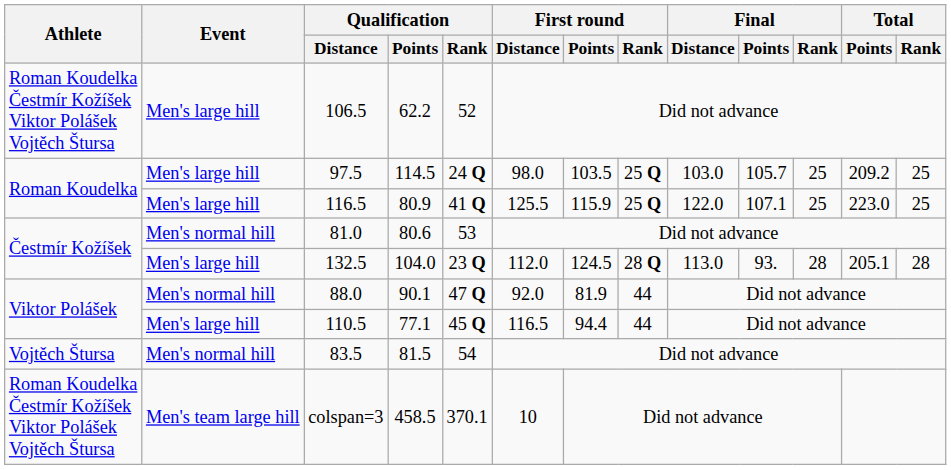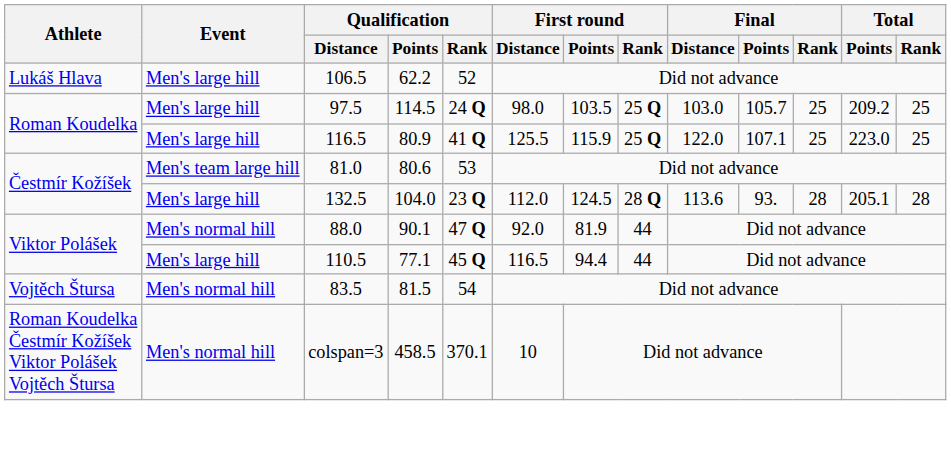 <table class="wikitable" style="font-size:90%">
 <tr>
 <th rowspan=2>Athlete</th>
 <th rowspan=2>Event</th>
 <th colspan=3>Qualification</th>
 <th colspan=3>First round</th>
 <th colspan=3>Final</th>
 <th colspan=2>Total</th>
 </tr>
 <tr style="font-size:95%">
 <th>Distance</th>
 <th>Points</th>
 <th>Rank</th>
 <th>Distance</th>
 <th>Points</th>
 <th>Rank</th>
 <th>Distance</th>
 <th>Points</th>
 <th>Rank</th>
 <th>Points</th>
 <th>Rank</th>
 </tr>
 <tr align=center>
-<td align=left><a href='#'>Roman Koudelka</a><br><a href='#'>Čestmír Kožíšek</a><br><a href='#'>Viktor Polášek</a><br><a href='#'>Vojtěch Štursa</a></td>
+<td align=left><a href='#'>Lukáš Hlava</a></td>
 <td align=left><a href='#'>Men's large hill</a></td>
 <td>106.5</td>
 <td>62.2</td>
 <td>52</td>
 <td colspan=8>Did not advance</td>
 </tr>
 <tr align=center>
 <td align=left rowspan=2><a href='#'>Roman Koudelka</a></td>
 <td align=left><a href='#'>Men's large hill</a></td>
 <td>97.5</td>
 <td>114.5</td>
 <td>24 <strong>Q</strong></td>
 <td>98.0</td>
 <td>103.5</td>
 <td>25 <strong>Q</strong></td>
 <td>103.0</td>
 <td>105.7</td>
 <td>25</td>
 <td>209.2</td>
 <td>25</td>
 </tr>
 <tr align=center>
 <td align=left><a href='#'>Men's large hill</a></td>
 <td>116.5</td>
 <td>80.9</td>
 <td>41 <strong>Q</strong></td>
 <td>125.5</td>
 <td>115.9</td>
 <td>25 <strong>Q</strong></td>
 <td>122.0</td>
 <td>107.1</td>
 <td>25</td>
 <td>223.0</td>
 <td>25</td>
 </tr>
 <tr align=center>
 <td align=left rowspan=2><a href='#'>Čestmír Kožíšek</a></td>
-<td align=left><a href='#'>Men's normal hill</a></td>
+<td align=left><a href='#'>Men's team large hill</a></td>
 <td>81.0</td>
 <td>80.6</td>
 <td>53</td>
 <td colspan=8>Did not advance</td>
 </tr>
 <tr align=center>
 <td align=left><a href='#'>Men's large hill</a></td>
 <td>132.5</td>
 <td>104.0</td>
 <td>23 <strong>Q</strong></td>
 <td>112.0</td>
 <td>124.5</td>
 <td>28 <strong>Q</strong></td>
-<td>113.0</td>
+<td>113.6</td>
 <td>93.</td>
 <td>28</td>
 <td>205.1</td>
 <td>28</td>
 </tr>
 <tr align=center>
 <td align=left rowspan=2><a href='#'>Viktor Polášek</a></td>
 <td align=left><a href='#'>Men's normal hill</a></td>
 <td>88.0</td>
 <td>90.1</td>
 <td>47 <strong>Q</strong></td>
 <td>92.0</td>
 <td>81.9</td>
 <td>44</td>
 <td colspan=5>Did not advance</td>
 </tr>
 <tr align=center>
 <td align=left><a href='#'>Men's large hill</a></td>
 <td>110.5</td>
 <td>77.1</td>
 <td>45 <strong>Q</strong></td>
 <td>116.5</td>
 <td>94.4</td>
 <td>44</td>
 <td colspan=5>Did not advance</td>
 </tr>
 <tr align=center>
 <td align=left><a href='#'>Vojtěch Štursa</a></td>
 <td align=left><a href='#'>Men's normal hill</a></td>
 <td>83.5</td>
 <td>81.5</td>
 <td>54</td>
 <td colspan=8>Did not advance</td>
 </tr>
 <tr align=center>
 <td align=left><a href='#'>Roman Koudelka</a><br><a href='#'>Čestmír Kožíšek</a><br><a href='#'>Viktor Polášek</a><br><a href='#'>Vojtěch Štursa</a></td>
-<td align=left><a href='#'>Men's team large hill</a></td>
+<td align=left><a href='#'>Men's normal hill</a></td>
 <td>colspan=3 </td>
 <td>458.5</td>
 <td>370.1</td>
 <td>10</td>
 <td colspan=5>Did not advance</td>
 </tr>
 </table>
